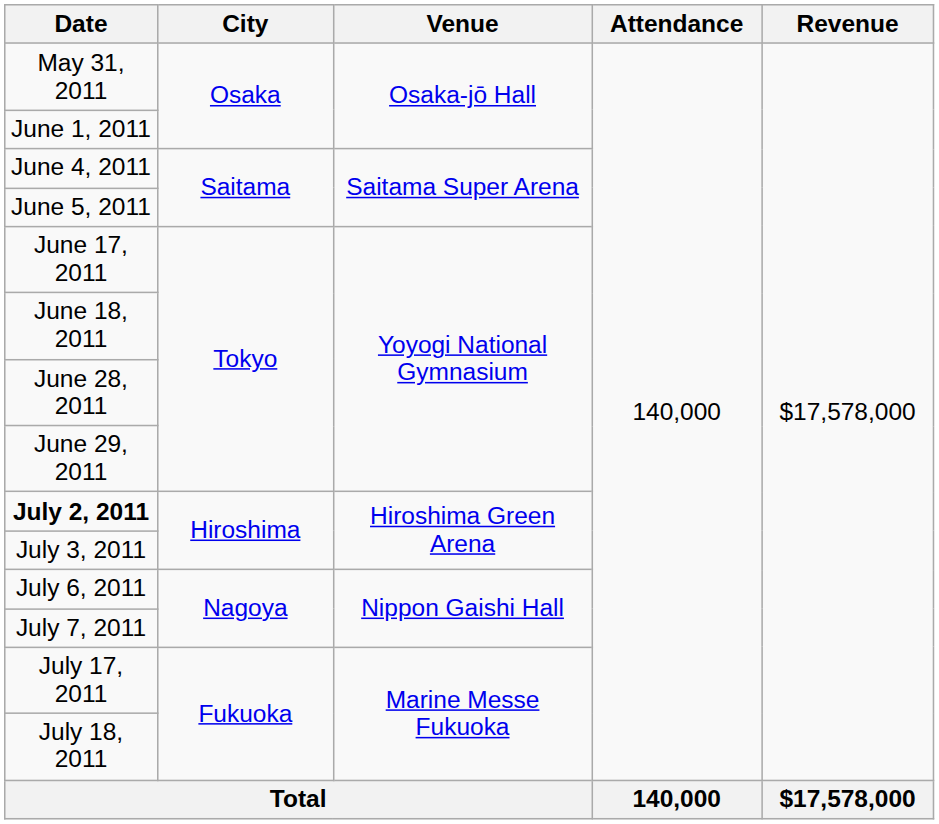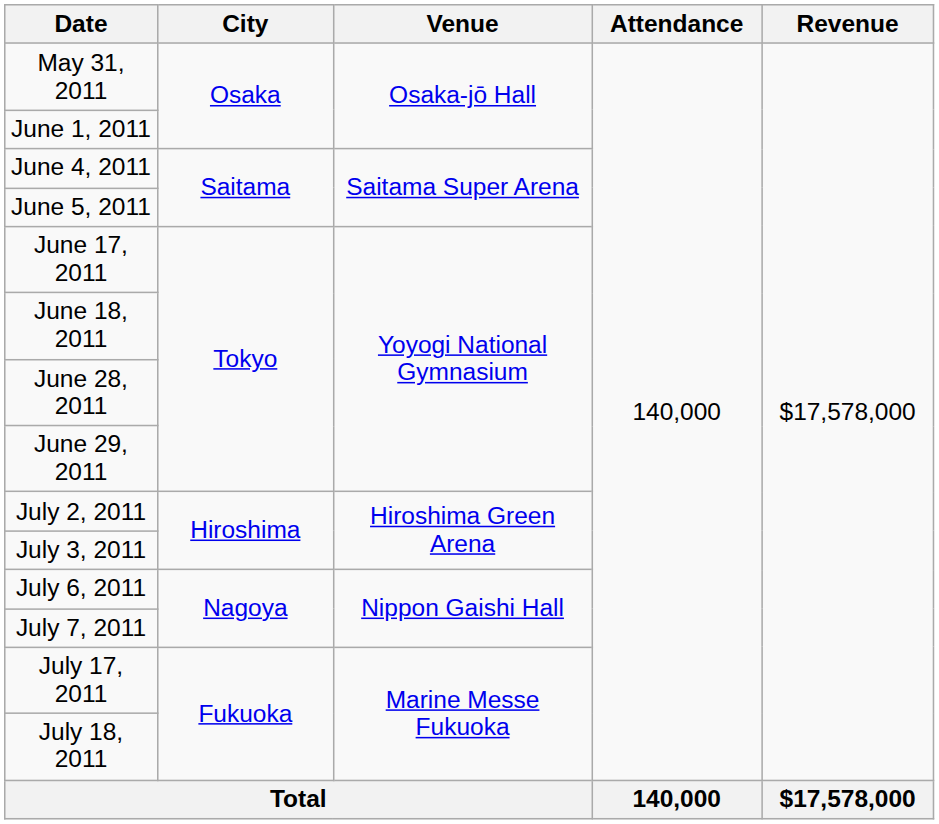 <table class="wikitable plainrowheaders" style="text-align:center;">
 <tr>
 <th scope="col" style="width:11em;">Date</th>
 <th scope="col" style="width:10em;">City</th>
 <th scope="col" style="width:17em;">Venue</th>
 <th scope="col" style="width:8em;">Attendance</th>
 <th scope="col" style="width:8em;">Revenue</th>
 </tr>
 <tr>
 <td>May 31, 2011</td>
 <td rowspan="2"><a href='#'>Osaka</a></td>
 <td rowspan="2"><a href='#'>Osaka-jō Hall</a></td>
 <td rowspan="14">140,000</td>
 <td rowspan="14">$17,578,000</td>
 </tr>
 <tr>
 <td>June 1, 2011</td>
 </tr>
 <tr>
 <td>June 4, 2011</td>
 <td rowspan="2"><a href='#'>Saitama</a></td>
 <td rowspan="2"><a href='#'>Saitama Super Arena</a></td>
 </tr>
 <tr>
 <td>June 5, 2011</td>
 </tr>
 <tr>
 <td>June 17, 2011</td>
 <td rowspan="4"><a href='#'>Tokyo</a></td>
 <td rowspan="4"><a href='#'>Yoyogi National Gymnasium</a></td>
 </tr>
 <tr>
 <td>June 18, 2011</td>
 </tr>
 <tr>
 <td>June 28, 2011</td>
 </tr>
 <tr>
 <td>June 29, 2011</td>
 </tr>
 <tr>
-<td><strong>July 2, 2011</strong></td>
+<td>July 2, 2011</td>
 <td rowspan="2"><a href='#'>Hiroshima</a></td>
 <td rowspan="2"><a href='#'>Hiroshima Green Arena</a></td>
 </tr>
 <tr>
 <td>July 3, 2011</td>
 </tr>
 <tr>
 <td>July 6, 2011</td>
 <td rowspan="2"><a href='#'>Nagoya</a></td>
 <td rowspan="2"><a href='#'>Nippon Gaishi Hall</a></td>
 </tr>
 <tr>
 <td>July 7, 2011</td>
 </tr>
 <tr>
 <td>July 17, 2011</td>
 <td rowspan="2"><a href='#'>Fukuoka</a></td>
 <td rowspan="2"><a href='#'>Marine Messe Fukuoka</a></td>
 </tr>
 <tr>
 <td>July 18, 2011</td>
 </tr>
 <tr>
 <th colspan="3">Total</th>
 <th>140,000</th>
 <th>$17,578,000</th>
 </tr>
 </table>
